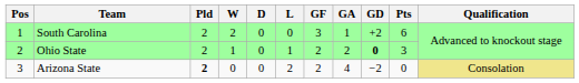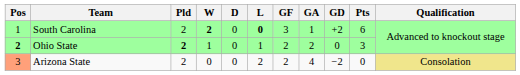 <table class="wikitable" style="text-align:center; margin: 1em auto">
 <tr>
 <th style="width:2em">Pos</th>
 <th style="width:13em">Team</th>
 <th style="width:2em">Pld</th>
 <th style="width:2em">W</th>
 <th style="width:2em">D</th>
 <th style="width:2em">L</th>
 <th style="width:2em">GF</th>
 <th style="width:2em">GA</th>
 <th style="width:2em">GD</th>
 <th style="width:2em">Pts</th>
 <th style="width:13em">Qualification</th>
 </tr>
 <tr bgcolor="#9eff9e">
 <td>1</td>
 <td style="text-align:left">South Carolina</td>
 <td>2</td>
-<td>2</td>
+<td><strong>2</strong></td>
 <td>0</td>
-<td>0</td>
+<td><strong>0</strong></td>
 <td>3</td>
 <td>1</td>
 <td>+2</td>
 <td>6</td>
 <td rowspan="2">Advanced to knockout stage</td>
 </tr>
 <tr bgcolor="#9eff9e">
-<td>2</td>
+<td><strong>2</strong></td>
 <td style="text-align:left">Ohio State</td>
-<td>2</td>
+<td><strong>2</strong></td>
 <td>1</td>
 <td>0</td>
 <td>1</td>
 <td>2</td>
 <td>2</td>
-<td><strong>0</strong></td>
+<td>0</td>
 <td>3</td>
 </tr>
 <tr>
-<td>3</td>
+<td style="background: lightsalmon;">3</td>
 <td style="text-align:left">Arizona State</td>
-<td><strong>2</strong></td>
+<td>2</td>
 <td>0</td>
 <td>0</td>
 <td>2</td>
 <td>2</td>
 <td>4</td>
 <td>−2</td>
 <td>0</td>
 <td style="background: khaki;">Consolation</td>
 </tr>
 </table>
